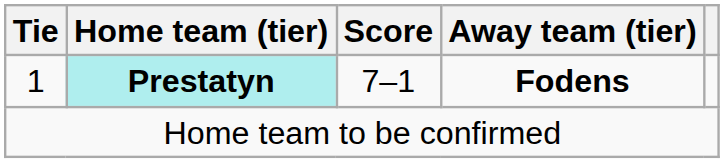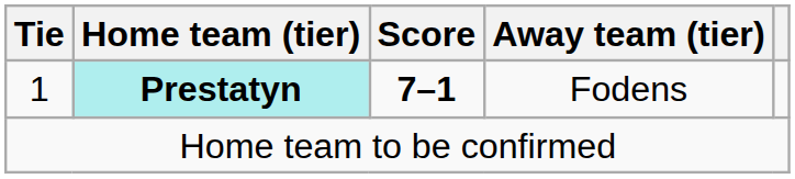 <table class="wikitable" style="text-align:center; font-size:85%">
 <tr>
 <th>Tie</th>
 <th>Home team (tier)</th>
 <th>Score</th>
 <th>Away team (tier)</th>
 <th></th>
 </tr>
 <tr>
 <td align="center">1</td>
 <td style="background: paleturquoise;"><strong>Prestatyn</strong></td>
-<td align="center">7–1</td>
-<td><strong>Fodens</strong></td>
+<td align="center"><strong>7–1</strong></td>
+<td>Fodens</td>
 <td></td>
 </tr>
 <tr>
 <td colspan="5" align="center">Home team to be confirmed</td>
 </tr>
 </table>
